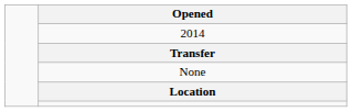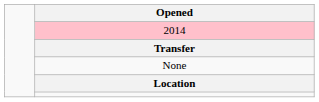 <table class=wikitable style="text-align: center; width: 450px; float:right">
 <tr>
 <td rowspan='6'></td>
 <th>Opened</th>
 </tr>
 <tr>
-<td>2014</td>
+<td style="background: pink;">2014</td>
 </tr>
 <tr>
 <th>Transfer</th>
 </tr>
 <tr>
 <td>None</td>
 </tr>
 <tr>
 <th>Location</th>
 </tr>
 <tr>
 <td></td>
 </tr>
 </table>
